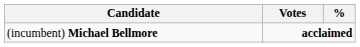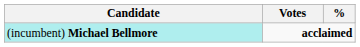 <table style="width:475px;" class="wikitable">
 <tr>
 <th align="center">Candidate</th>
 <th align="center">Votes</th>
 <th align="center">%</th>
 </tr>
 <tr>
-<td align="left">(incumbent) <strong>Michael Bellmore</strong></td>
+<td align="left" style="background: paleturquoise;">(incumbent) <strong>Michael Bellmore</strong></td>
 <td align="right" colspan="2"><strong>acclaimed</strong></td>
 </tr>
 </table>
